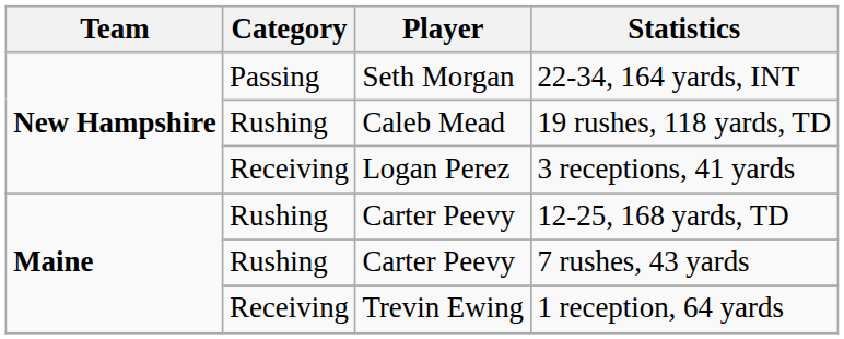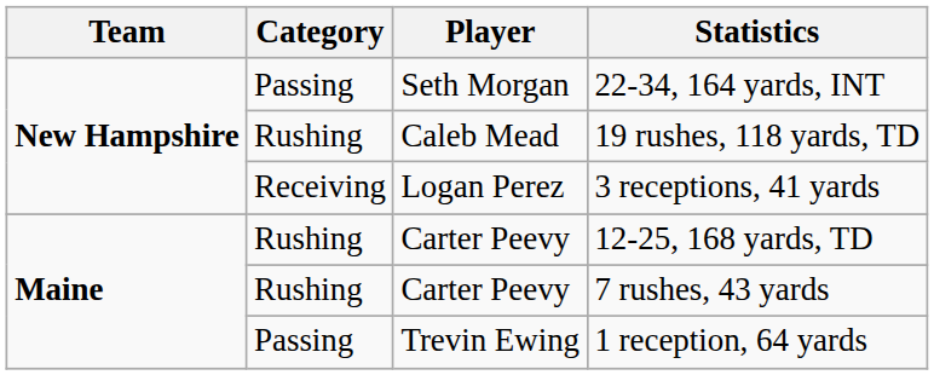 <table class="wikitable" style="float: right;">
 <tr>
 <th>Team</th>
 <th>Category</th>
 <th>Player</th>
 <th>Statistics</th>
 </tr>
 <tr>
 <td rowspan=3><strong>New Hampshire</strong></td>
 <td>Passing</td>
 <td>Seth Morgan</td>
 <td>22-34, 164 yards, INT</td>
 </tr>
 <tr>
 <td>Rushing</td>
 <td>Caleb Mead</td>
 <td>19 rushes, 118 yards, TD</td>
 </tr>
 <tr>
 <td>Receiving</td>
 <td>Logan Perez</td>
 <td>3 receptions, 41 yards</td>
 </tr>
 <tr>
 <td rowspan=3><strong>Maine</strong></td>
 <td>Rushing</td>
 <td>Carter Peevy</td>
 <td>12-25, 168 yards, TD</td>
 </tr>
 <tr>
 <td>Rushing</td>
 <td>Carter Peevy</td>
 <td>7 rushes, 43 yards</td>
 </tr>
 <tr>
-<td>Receiving</td>
+<td>Passing</td>
 <td>Trevin Ewing</td>
 <td>1 reception, 64 yards</td>
 </tr>
 </table>
